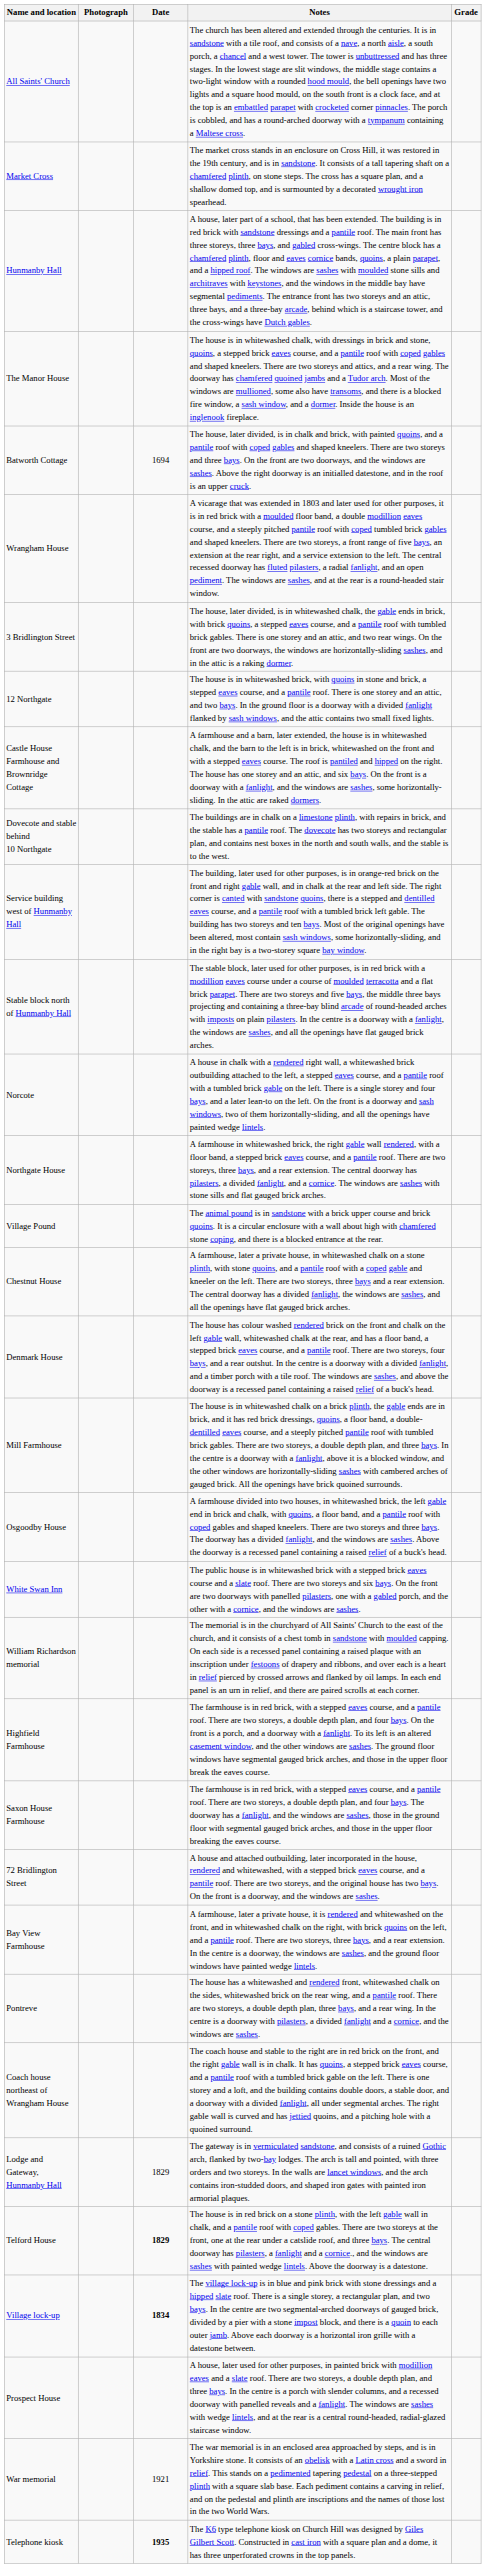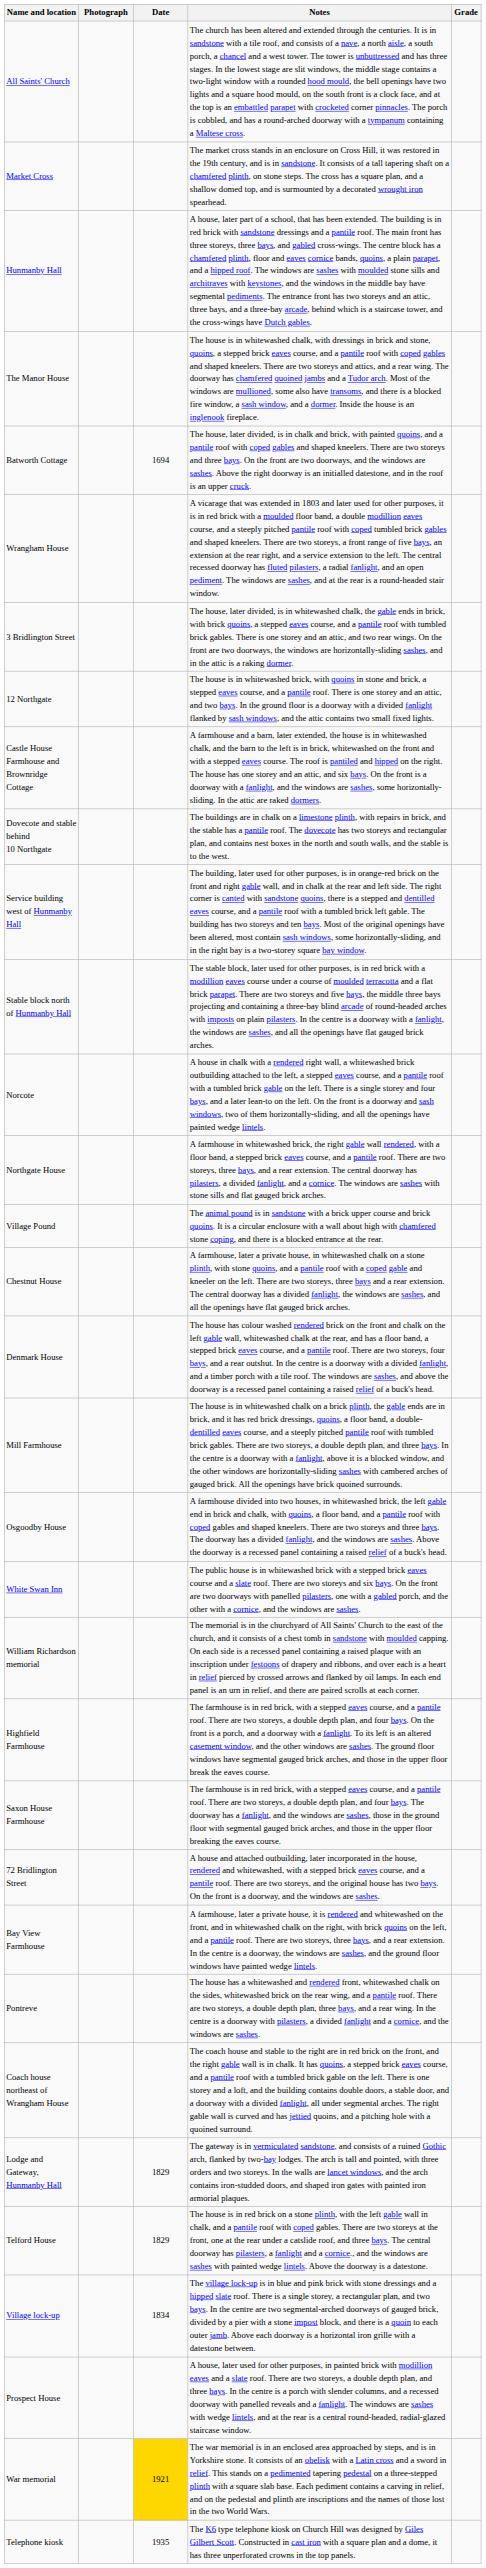 <table class="wikitable sortable plainrowheaders" style="width:100%; border:0px; text-align:left; line-height:150%">
 <tr>
 <th scope="col"  style="width:150px">Name and location</th>
 <th scope="col"  style="width:100px" class="unsortable">Photograph</th>
 <th scope="col"  style="width:120px">Date</th>
 <th scope="col"  style="width:650px" class="unsortable">Notes</th>
 <th scope="col"  style="width:50px">Grade</th>
 </tr>
 <tr>
 <td><a href='#'>All Saints' Church</a><br><small></small></td>
 <td></td>
 <td align="center"></td>
 <td>The church has been altered and extended through the centuries. It is in <a href='#'>sandstone</a> with a tile roof, and consists of a <a href='#'>nave</a>, a north <a href='#'>aisle</a>, a south porch, a <a href='#'>chancel</a> and a west tower. The tower is <a href='#'>unbuttressed</a> and has three stages. In the lowest stage are slit windows, the middle stage contains a two-light window with a rounded <a href='#'>hood mould</a>, the bell openings have two lights and a square hood mould, on the south front is a clock face, and at the top is an <a href='#'>embattled</a> <a href='#'>parapet</a> with <a href='#'>crocketed</a> corner <a href='#'>pinnacles</a>. The porch is cobbled, and has a round-arched doorway with a <a href='#'>tympanum</a> containing a <a href='#'>Maltese cross</a>.</td>
 <td align="center" ></td>
 </tr>
 <tr>
 <td><a href='#'>Market Cross</a><br><small></small></td>
 <td></td>
 <td align="center"></td>
 <td>The market cross stands in an enclosure on Cross Hill, it was restored in the 19th century, and is in <a href='#'>sandstone</a>. It consists of a tall tapering shaft on a <a href='#'>chamfered</a> <a href='#'>plinth</a>,  on stone steps. The cross has a square plan, and a shallow domed top, and is surmounted by a decorated <a href='#'>wrought iron</a> spearhead.</td>
 <td align="center" ></td>
 </tr>
 <tr>
 <td><a href='#'>Hunmanby Hall</a><br><small></small></td>
 <td></td>
 <td align="center"></td>
 <td>A house, later part of a school, that has been extended. The building is in red brick with <a href='#'>sandstone</a> dressings and a <a href='#'>pantile</a> roof. The main front has three storeys, three <a href='#'>bays</a>, and <a href='#'>gabled</a> cross-wings. The centre block has a <a href='#'>chamfered</a> <a href='#'>plinth</a>, floor and <a href='#'>eaves</a> <a href='#'>cornice</a> bands, <a href='#'>quoins</a>, a plain <a href='#'>parapet</a>, and a <a href='#'>hipped roof</a>. The windows are <a href='#'>sashes</a> with <a href='#'>moulded</a> stone sills and <a href='#'>architraves</a> with <a href='#'>keystones</a>, and the windows in the middle bay have segmental <a href='#'>pediments</a>. The entrance front has two storeys and an attic, three bays, and a three-bay <a href='#'>arcade</a>, behind which is a staircase tower, and the cross-wings have <a href='#'>Dutch gables</a>.</td>
 <td align="center" ></td>
 </tr>
 <tr>
 <td>The Manor House<br><small></small></td>
 <td></td>
 <td align="center"></td>
 <td>The house is in whitewashed chalk, with dressings in brick and stone, <a href='#'>quoins</a>, a stepped brick <a href='#'>eaves</a> course, and a <a href='#'>pantile</a> roof with <a href='#'>coped</a> <a href='#'>gables</a> and shaped kneelers. There are two storeys and attics, and a rear wing. The doorway has <a href='#'>chamfered</a> <a href='#'>quoined</a> <a href='#'>jambs</a> and a <a href='#'>Tudor arch</a>. Most of the windows are <a href='#'>mullioned</a>, some also have <a href='#'>transoms</a>, and there is a blocked fire window, a <a href='#'>sash window</a>, and a <a href='#'>dormer</a>. Inside the house is an <a href='#'>inglenook</a> fireplace.</td>
 <td align="center" ></td>
 </tr>
 <tr>
 <td>Batworth Cottage<br><small></small></td>
 <td></td>
 <td align="center">1694</td>
 <td>The house, later divided, is in chalk and brick, with painted <a href='#'>quoins</a>, and a <a href='#'>pantile</a> roof with <a href='#'>coped</a> <a href='#'>gables</a> and shaped kneelers. There are two storeys and three <a href='#'>bays</a>. On the front are two doorways, and the windows are <a href='#'>sashes</a>. Above the right doorway is an initialled datestone, and in the roof is an upper <a href='#'>cruck</a>.</td>
 <td align="center" ></td>
 </tr>
 <tr>
 <td>Wrangham House<br><small></small></td>
 <td></td>
 <td align="center"></td>
 <td>A vicarage that was extended in 1803 and later used for other purposes, it is in red brick with a <a href='#'>moulded</a> floor band, a double <a href='#'>modillion</a> <a href='#'>eaves</a> course, and a steeply pitched <a href='#'>pantile</a> roof with <a href='#'>coped</a> tumbled brick <a href='#'>gables</a> and shaped kneelers. There are two storeys, a front range of five <a href='#'>bays</a>, an extension at the rear right, and a service extension to the left. The central recessed doorway has <a href='#'>fluted</a> <a href='#'>pilasters</a>, a radial <a href='#'>fanlight</a>, and an open <a href='#'>pediment</a>. The windows are <a href='#'>sashes</a>, and at the rear is a round-headed stair window.</td>
 <td align="center" ></td>
 </tr>
 <tr>
 <td>3 Bridlington Street<br><small></small></td>
 <td></td>
 <td align="center"></td>
 <td>The house, later divided, is in whitewashed chalk, the <a href='#'>gable</a> ends in brick, with brick <a href='#'>quoins</a>, a stepped <a href='#'>eaves</a> course, and a <a href='#'>pantile</a> roof with tumbled brick gables. There is one storey and an attic, and two rear wings. On the front are two doorways, the windows are horizontally-sliding <a href='#'>sashes</a>, and in the attic is a raking <a href='#'>dormer</a>.</td>
 <td align="center" ></td>
 </tr>
 <tr>
 <td>12 Northgate<br><small></small></td>
 <td></td>
 <td align="center"></td>
 <td>The house is in whitewashed brick, with <a href='#'>quoins</a> in stone and brick, a stepped <a href='#'>eaves</a> course, and a <a href='#'>pantile</a> roof. There is one storey and an attic, and two <a href='#'>bays</a>. In the ground floor is a doorway with a divided <a href='#'>fanlight</a> flanked by <a href='#'>sash windows</a>, and the attic contains two small fixed lights.</td>
 <td align="center" ></td>
 </tr>
 <tr>
 <td>Castle House Farmhouse and Brownridge Cottage<br><small></small></td>
 <td></td>
 <td align="center"></td>
 <td>A farmhouse and a barn, later extended, the house is in whitewashed chalk, and the barn to the left is in brick, whitewashed on the front and with a stepped <a href='#'>eaves</a> course. The roof is <a href='#'>pantiled</a> and <a href='#'>hipped</a> on the right. The house has one storey and an attic, and six <a href='#'>bays</a>.  On the front is a doorway with a <a href='#'>fanlight</a>, and the windows are <a href='#'>sashes</a>, some horizontally-sliding. In the attic are raked <a href='#'>dormers</a>.</td>
 <td align="center" ></td>
 </tr>
 <tr>
 <td>Dovecote and stable behind 10 Northgate<br><small></small></td>
 <td></td>
 <td align="center"></td>
 <td>The buildings are in chalk on a <a href='#'>limestone</a> <a href='#'>plinth</a>, with repairs in brick, and the stable has a <a href='#'>pantile</a> roof. The <a href='#'>dovecote</a> has two storeys and rectangular plan, and contains nest boxes in the north and south walls, and the stable is to the west.</td>
 <td align="center" ></td>
 </tr>
 <tr>
 <td>Service building west of <a href='#'>Hunmanby Hall</a><br><small></small></td>
 <td></td>
 <td align="center"></td>
 <td>The building, later used for other purposes, is in orange-red brick on the front and right <a href='#'>gable</a> wall, and in chalk at the rear and left side. The right corner is <a href='#'>canted</a> with <a href='#'>sandstone</a> <a href='#'>quoins</a>, there is a stepped and <a href='#'>dentilled</a> <a href='#'>eaves</a> course, and a <a href='#'>pantile</a> roof with a tumbled brick left gable. The building has two storeys and ten <a href='#'>bays</a>. Most of the original openings have been altered, most contain <a href='#'>sash windows</a>, some horizontally-sliding, and in the right bay is a two-storey square <a href='#'>bay window</a>.</td>
 <td align="center" ></td>
 </tr>
 <tr>
 <td>Stable block north of <a href='#'>Hunmanby Hall</a><br><small></small></td>
 <td></td>
 <td align="center"></td>
 <td>The stable block, later used for other purposes, is in red brick with a <a href='#'>modillion</a> <a href='#'>eaves</a> course under a course of <a href='#'>moulded</a> <a href='#'>terracotta</a> and a flat brick <a href='#'>parapet</a>. There are two storeys and five <a href='#'>bays</a>, the middle three bays projecting and containing a three-bay blind <a href='#'>arcade</a> of round-headed arches with <a href='#'>imposts</a> on plain <a href='#'>pilasters</a>.  In the centre is a doorway with a <a href='#'>fanlight</a>, the windows are <a href='#'>sashes</a>, and all the openings have flat gauged brick arches.</td>
 <td align="center" ></td>
 </tr>
 <tr>
 <td>Norcote<br><small></small></td>
 <td></td>
 <td align="center"></td>
 <td>A house in chalk with a <a href='#'>rendered</a> right wall, a whitewashed brick outbuilding attached to the left, a stepped <a href='#'>eaves</a> course, and a <a href='#'>pantile</a> roof with a tumbled brick <a href='#'>gable</a> on the left. There is a single storey and four <a href='#'>bays</a>, and a later lean-to on the left. On the front is a doorway and <a href='#'>sash windows</a>, two of them horizontally-sliding, and all the openings have painted wedge <a href='#'>lintels</a>.</td>
 <td align="center" ></td>
 </tr>
 <tr>
 <td>Northgate House<br><small></small></td>
 <td></td>
 <td align="center"></td>
 <td>A farmhouse in whitewashed brick, the right <a href='#'>gable</a> wall <a href='#'>rendered</a>, with a floor band, a stepped brick <a href='#'>eaves</a> course, and a <a href='#'>pantile</a> roof. There are two storeys, three <a href='#'>bays</a>, and a rear extension. The central doorway has <a href='#'>pilasters</a>, a divided <a href='#'>fanlight</a>, and a <a href='#'>cornice</a>. The windows are <a href='#'>sashes</a> with stone sills and flat gauged brick arches.</td>
 <td align="center" ></td>
 </tr>
 <tr>
 <td>Village Pound<br><small></small></td>
 <td></td>
 <td align="center"></td>
 <td>The <a href='#'>animal pound</a> is in <a href='#'>sandstone</a> with a brick upper course and brick <a href='#'>quoins</a>. It is a circular enclosure with a wall about  high with <a href='#'>chamfered</a> stone <a href='#'>coping</a>, and there is a blocked entrance at the rear.</td>
 <td align="center" ></td>
 </tr>
 <tr>
 <td>Chestnut House<br><small></small></td>
 <td></td>
 <td align="center"></td>
 <td>A farmhouse, later a private house, in whitewashed chalk on a stone <a href='#'>plinth</a>, with stone <a href='#'>quoins</a>, and a <a href='#'>pantile</a> roof with a <a href='#'>coped</a> <a href='#'>gable</a> and kneeler on the left. There are two storeys, three <a href='#'>bays</a> and a rear extension. The central doorway has a divided <a href='#'>fanlight</a>, the windows are <a href='#'>sashes</a>, and all the openings have flat gauged brick arches.</td>
 <td align="center" ></td>
 </tr>
 <tr>
 <td>Denmark House<br><small></small></td>
 <td></td>
 <td align="center"></td>
 <td>The house has colour washed <a href='#'>rendered</a> brick on the front and chalk on the left <a href='#'>gable</a> wall, whitewashed chalk at the rear, and has a floor band, a stepped brick <a href='#'>eaves</a> course, and a <a href='#'>pantile</a> roof. There are two storeys, four <a href='#'>bays</a>, and a rear outshut. In the centre is a doorway with a divided <a href='#'>fanlight</a>, and a timber porch with a tile roof. The windows are <a href='#'>sashes</a>, and above the doorway is a recessed panel containing a raised <a href='#'>relief</a> of a buck's head.</td>
 <td align="center" ></td>
 </tr>
 <tr>
 <td>Mill Farmhouse<br><small></small></td>
 <td></td>
 <td align="center"></td>
 <td>The house is in whitewashed chalk on a brick <a href='#'>plinth</a>, the <a href='#'>gable</a> ends are in brick, and it has red brick dressings, <a href='#'>quoins</a>, a floor band, a double-<a href='#'>dentilled</a> <a href='#'>eaves</a> course, and a steeply pitched <a href='#'>pantile</a> roof with tumbled brick gables. There are two storeys, a double depth plan, and three <a href='#'>bays</a>. In the centre is a doorway with a <a href='#'>fanlight</a>, above it is a blocked window, and the other windows are horizontally-sliding <a href='#'>sashes</a> with cambered arches of gauged brick. All the openings have brick quoined surrounds.</td>
 <td align="center" ></td>
 </tr>
 <tr>
 <td>Osgoodby House<br><small></small></td>
 <td></td>
 <td align="center"></td>
 <td>A farmhouse divided into two houses, in whitewashed brick, the left <a href='#'>gable</a> end in brick and chalk, with <a href='#'>quoins</a>, a floor band, and a <a href='#'>pantile</a> roof with <a href='#'>coped</a> gables and shaped kneelers. There are two storeys and three <a href='#'>bays</a>. The doorway has a divided <a href='#'>fanlight</a>, and the windows are <a href='#'>sashes</a>. Above the doorway is a recessed panel containing a raised <a href='#'>relief</a> of a buck's head.</td>
 <td align="center" ></td>
 </tr>
 <tr>
 <td><a href='#'>White Swan Inn</a><br><small></small></td>
 <td></td>
 <td align="center"></td>
 <td>The public house is in whitewashed brick with a stepped brick <a href='#'>eaves</a> course and a <a href='#'>slate</a> roof. There are two storeys and six <a href='#'>bays</a>. On the front are two doorways with panelled <a href='#'>pilasters</a>, one with a <a href='#'>gabled</a> porch, and the other with a <a href='#'>cornice</a>, and the windows are <a href='#'>sashes</a>.</td>
 <td align="center" ></td>
 </tr>
 <tr>
 <td>William Richardson memorial<br><small></small></td>
 <td></td>
 <td align="center"></td>
 <td>The memorial is in the churchyard of All Saints' Church to the east of the church, and it consists of a chest tomb in <a href='#'>sandstone</a> with <a href='#'>moulded</a> capping. On each side is a recessed panel containing  a raised plaque with an inscription under <a href='#'>festoons</a> of drapery and ribbons, and over each is a heart in <a href='#'>relief</a> pierced by crossed arrows and flanked by oil lamps. In each end panel is an urn in relief, and there are paired scrolls at each corner.</td>
 <td align="center" ></td>
 </tr>
 <tr>
 <td>Highfield Farmhouse<br><small></small></td>
 <td></td>
 <td align="center"></td>
 <td>The farmhouse is in red brick, with a stepped <a href='#'>eaves</a> course, and a <a href='#'>pantile</a> roof. There are two storeys, a double depth plan, and four <a href='#'>bays</a>. On the front is a porch, and a doorway with a <a href='#'>fanlight</a>. To its left is an altered <a href='#'>casement window</a>, and the other windows are <a href='#'>sashes</a>. The ground floor windows have segmental gauged brick arches, and those in the upper floor break the eaves course.</td>
 <td align="center" ></td>
 </tr>
 <tr>
 <td>Saxon House Farmhouse<br><small></small></td>
 <td></td>
 <td align="center"></td>
 <td>The farmhouse is in red brick, with a stepped <a href='#'>eaves</a> course, and a <a href='#'>pantile</a> roof. There are two storeys, a double depth plan, and four <a href='#'>bays</a>. The doorway has a <a href='#'>fanlight</a>, and the windows are <a href='#'>sashes</a>, those in the ground floor with segmental gauged brick arches, and those in the upper floor breaking the eaves course.</td>
 <td align="center" ></td>
 </tr>
 <tr>
 <td>72 Bridlington Street<br><small></small></td>
 <td></td>
 <td align="center"></td>
 <td>A house and attached outbuilding, later incorporated in the house, <a href='#'>rendered</a> and whitewashed, with a stepped brick <a href='#'>eaves</a> course, and a <a href='#'>pantile</a> roof. There are two storeys, and the original house has two <a href='#'>bays</a>. On the front is a doorway, and the windows are <a href='#'>sashes</a>.</td>
 <td align="center" ></td>
 </tr>
 <tr>
 <td>Bay View Farmhouse<br><small></small></td>
 <td></td>
 <td align="center"></td>
 <td>A farmhouse, later a private house, it is <a href='#'>rendered</a> and whitewashed on the front, and in whitewashed chalk on the right, with brick <a href='#'>quoins</a> on the left, and a <a href='#'>pantile</a> roof. There are two storeys, three <a href='#'>bays</a>, and a rear extension. In the centre is a doorway, the windows are <a href='#'>sashes</a>, and the ground floor windows have painted wedge <a href='#'>lintels</a>.</td>
 <td align="center" ></td>
 </tr>
 <tr>
 <td>Pontreve<br><small></small></td>
 <td></td>
 <td align="center"></td>
 <td>The house has a whitewashed and <a href='#'>rendered</a> front, whitewashed chalk on the sides, whitewashed brick on the rear wing, and a <a href='#'>pantile</a> roof. There are two storeys, a double depth plan, three <a href='#'>bays</a>, and a rear wing. In the centre is a doorway with <a href='#'>pilasters</a>, a divided <a href='#'>fanlight</a> and a <a href='#'>cornice</a>, and the windows are <a href='#'>sashes</a>.</td>
 <td align="center" ></td>
 </tr>
 <tr>
 <td>Coach house northeast of Wrangham House<br><small></small></td>
 <td></td>
 <td align="center"></td>
 <td>The coach house and stable to the right are in red brick on the front, and the right <a href='#'>gable</a> wall is in chalk. It has <a href='#'>quoins</a>, a stepped brick <a href='#'>eaves</a> course, and a <a href='#'>pantile</a> roof with a tumbled brick gable on the left. There is one storey and a loft,  and the building contains double doors, a stable door, and a doorway with a divided <a href='#'>fanlight</a>, all under segmental arches. The right gable wall is curved and has <a href='#'>jettied</a> quoins, and a pitching hole with a quoined surround.</td>
 <td align="center" ></td>
 </tr>
 <tr>
 <td>Lodge and Gateway, <a href='#'>Hunmanby Hall</a><br><small></small></td>
 <td></td>
 <td align="center">1829</td>
 <td>The gateway is in <a href='#'>vermiculated</a> <a href='#'>sandstone</a>, and consists of a ruined <a href='#'>Gothic</a> arch, flanked by two-<a href='#'>bay</a> lodges. The arch is tall and pointed, with three orders and two storeys. In the walls are <a href='#'>lancet windows</a>, and the arch contains iron-studded doors, and shaped iron gates with painted iron armorial plaques.</td>
 <td align="center" ></td>
 </tr>
 <tr>
 <td>Telford House<br><small></small></td>
 <td></td>
-<td align="center"><strong>1829</strong></td>
+<td align="center">1829</td>
 <td>The house is in red brick on a stone <a href='#'>plinth</a>, with the left <a href='#'>gable</a> wall in chalk, and a <a href='#'>pantile</a> roof with <a href='#'>coped</a> gables. There are two storeys at the front, one at the rear under a catslide roof, and three <a href='#'>bays</a>. The central doorway has <a href='#'>pilasters</a>, a <a href='#'>fanlight</a> and a <a href='#'>cornice</a>., and the windows are <a href='#'>sashes</a> with painted wedge <a href='#'>lintels</a>. Above the doorway is a datestone.</td>
 <td align="center" ></td>
 </tr>
 <tr>
 <td><a href='#'>Village lock-up</a><br><small></small></td>
 <td></td>
-<td align="center"><strong>1834</strong></td>
+<td align="center">1834</td>
 <td>The <a href='#'>village lock-up</a> is in blue and pink brick with stone dressings and a <a href='#'>hipped</a> <a href='#'>slate</a> roof. There is a single storey, a rectangular plan, and two <a href='#'>bays</a>. In the centre are two segmental-arched doorways of gauged brick, divided by a pier with a stone <a href='#'>impost</a> block, and there is a  <a href='#'>quoin</a> to each outer <a href='#'>jamb</a>. Above each doorway is a horizontal iron grille with a datestone between.</td>
 <td align="center" ></td>
 </tr>
 <tr>
 <td>Prospect House<br><small></small></td>
 <td></td>
 <td align="center"></td>
 <td>A house, later used for other purposes, in painted brick with <a href='#'>modillion</a> <a href='#'>eaves</a> and a <a href='#'>slate</a> roof. There are two storeys,  a double depth plan, and three <a href='#'>bays</a>. In the centre is a porch with slender columns, and a recessed doorway with panelled reveals and a <a href='#'>fanlight</a>. The windows are <a href='#'>sashes</a> with wedge <a href='#'>lintels</a>, and at the rear is a central round-headed, radial-glazed staircase window.</td>
 <td align="center" ></td>
 </tr>
 <tr>
 <td>War memorial<br><small></small></td>
 <td></td>
-<td align="center">1921</td>
+<td align="center" style="background: gold;">1921</td>
 <td>The war memorial is in an enclosed area approached by steps, and is in Yorkshire stone. It consists of an <a href='#'>obelisk</a> with a <a href='#'>Latin cross</a> and a sword in <a href='#'>relief</a>. This stands on a <a href='#'>pedimented</a> tapering <a href='#'>pedestal</a> on a three-stepped <a href='#'>plinth</a> with a square slab base. Each pediment contains a carving in relief, and on the pedestal and plinth are inscriptions and the names of those lost in the two World Wars.</td>
 <td align="center" ></td>
 </tr>
 <tr>
 <td>Telephone kiosk<br><small></small></td>
 <td></td>
-<td align="center"><strong>1935</strong></td>
+<td align="center">1935</td>
 <td>The <a href='#'>K6</a> type telephone kiosk on Church Hill was designed by <a href='#'>Giles Gilbert Scott</a>.  Constructed in <a href='#'>cast iron</a> with a square plan and a dome, it has three unperforated crowns in the top panels.</td>
 <td align="center" ></td>
 </tr>
 <tr>
 </tr>
 </table>
